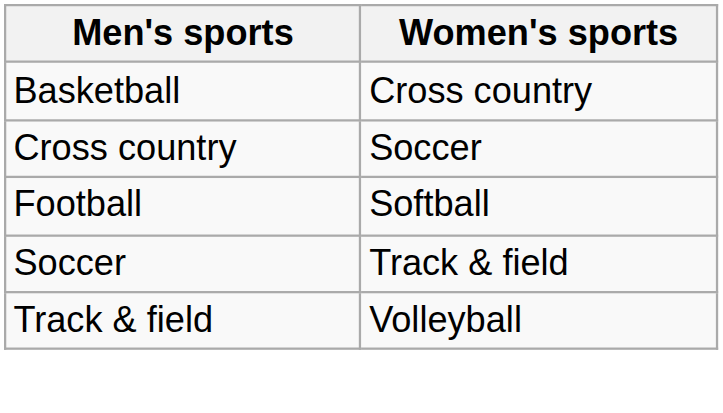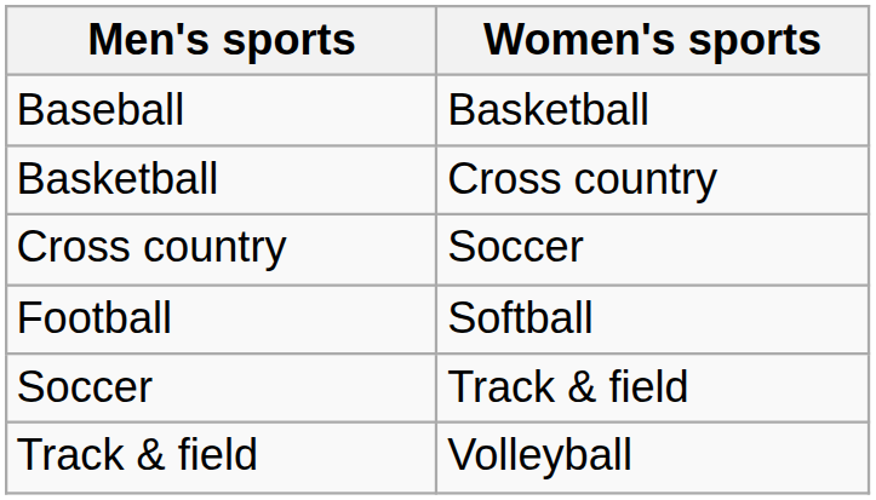 <table class="wikitable"; style= "text-align: ">
 <tr>
 <th width=150px>Men's sports</th>
 <th width=150px>Women's sports</th>
+</tr>
+<tr>
+<td>Baseball</td>
+<td>Basketball</td>
 </tr>
 <tr>
 <td>Basketball</td>
 <td>Cross country</td>
 </tr>
 <tr>
 <td>Cross country</td>
 <td>Soccer</td>
 </tr>
 <tr>
 <td>Football</td>
 <td>Softball</td>
 </tr>
 <tr>
 <td>Soccer</td>
 <td>Track & field</td>
 </tr>
 <tr>
 <td>Track & field</td>
 <td>Volleyball</td>
 </tr>
 </table>
